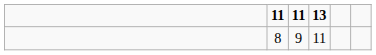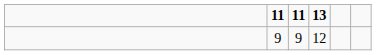 <table class="wikitable">
 <tr>
 <td style="width:18em"></td>
 <td align=center style="width:1em"><strong>11</strong></td>
 <td align=center style="width:1em"><strong>11</strong></td>
 <td align=center style="width:1em"><strong>13</strong></td>
 <td align=center style="width:1em"></td>
 <td align=center style="width:1em"></td>
 </tr>
 <tr>
 <td style="width:18em"></td>
-<td align=center style="width:1em">8</td>
 <td align=center style="width:1em">9</td>
-<td align=center style="width:1em">11</td>
+<td align=center style="width:1em">9</td>
+<td align=center style="width:1em">12</td>
 <td align=center style="width:1em"></td>
 <td align=center style="width:1em"></td>
 </tr>
 </table>
